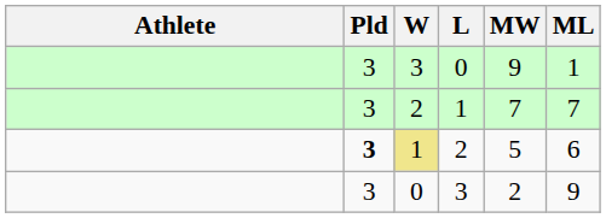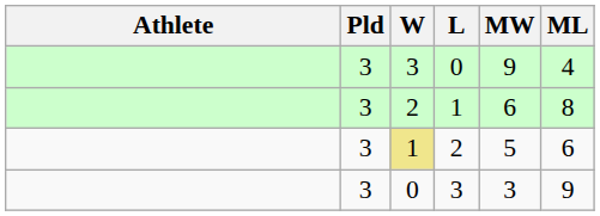 <table class="wikitable" style="text-align:center">
 <tr>
 <th width=200>Athlete</th>
 <th width=20>Pld</th>
 <th width=20>W</th>
 <th width=20>L</th>
 <th width=20>MW</th>
 <th width=20>ML</th>
 </tr>
 <tr bgcolor="ccffcc">
 <td style="text-align:left"></td>
 <td>3</td>
 <td>3</td>
 <td>0</td>
 <td>9</td>
-<td>1</td>
+<td>4</td>
 </tr>
 <tr bgcolor="ccffcc">
 <td style="text-align:left"></td>
 <td>3</td>
 <td>2</td>
 <td>1</td>
-<td>7</td>
-<td>7</td>
+<td>6</td>
+<td>8</td>
 </tr>
 <tr>
 <td style="text-align:left"></td>
-<td><strong>3</strong></td>
+<td>3</td>
 <td style="background: khaki;">1</td>
 <td>2</td>
 <td>5</td>
 <td>6</td>
 </tr>
 <tr>
 <td style="text-align:left"></td>
 <td>3</td>
 <td>0</td>
 <td>3</td>
-<td>2</td>
+<td>3</td>
 <td>9</td>
 </tr>
 </table>
